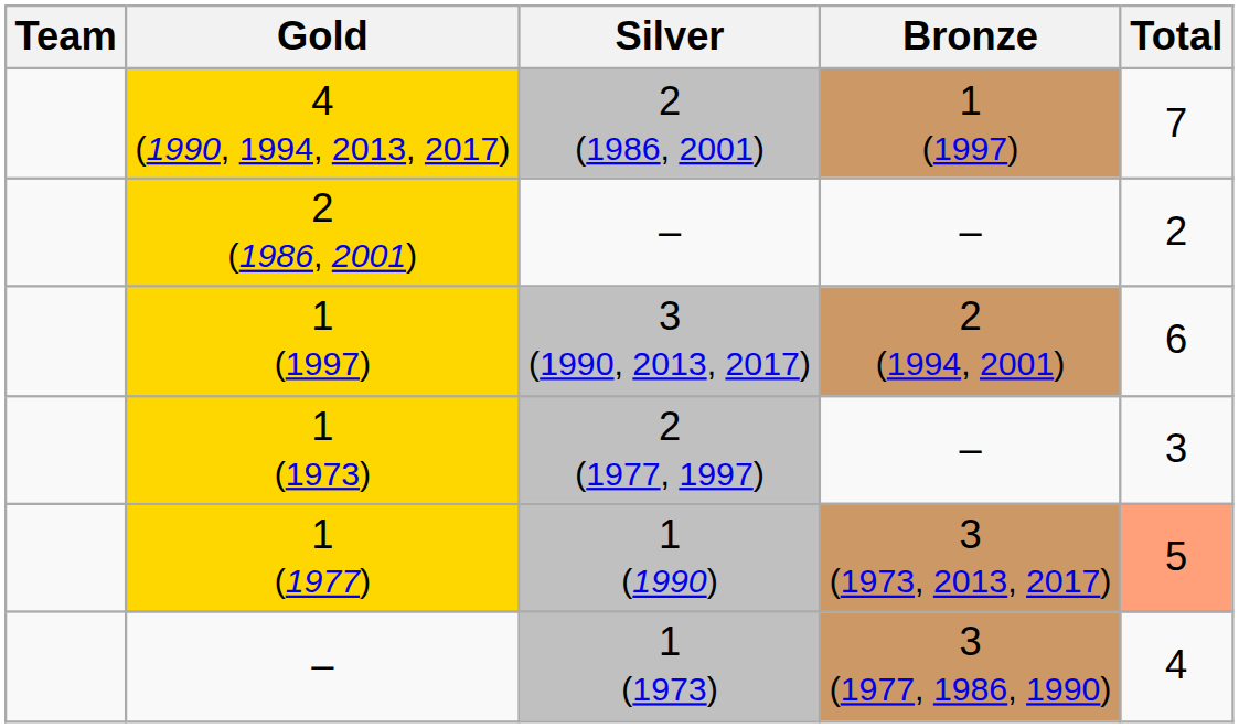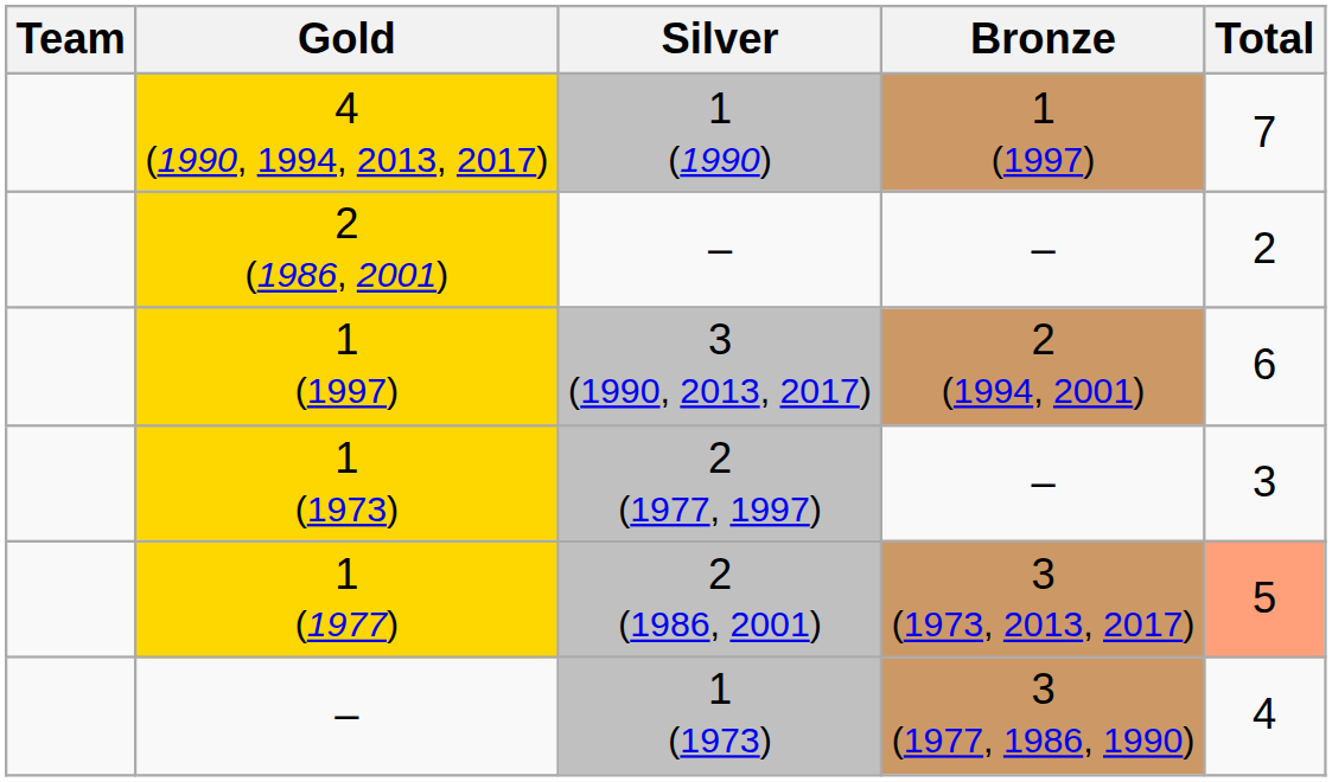 <table class="wikitable" style="text-align: center;">
 <tr>
 <th>Team</th>
 <th>Gold</th>
 <th>Silver</th>
 <th>Bronze</th>
 <th>Total</th>
 </tr>
 <tr>
 <td align=left><strong></strong></td>
 <td style="background:gold">4<br><small>(<em><a href='#'>1990</a></em>, <a href='#'>1994</a>, <a href='#'>2013</a>, <a href='#'>2017</a>)</small></td>
-<td style="background:silver">2<br><small>(<a href='#'>1986</a>, <a href='#'>2001</a>)</small></td>
+<td style="background:silver">1<br><small>(<em><a href='#'>1990</a></em>)</small></td>
 <td style="background:#c96">1<br><small>(<a href='#'>1997</a>)</small></td>
 <td>7</td>
 </tr>
 <tr>
 <td align=left><strong></strong></td>
 <td style="background:gold">2<br><small>(<em><a href='#'>1986</a></em>, <em><a href='#'>2001</a></em>)</small></td>
 <td>–</td>
 <td>–</td>
 <td>2</td>
 </tr>
 <tr>
 <td align=left><strong></strong></td>
 <td style="background:gold">1<br><small>(<a href='#'>1997</a>)</small></td>
 <td style="background:silver">3<br><small>(<a href='#'>1990</a>, <a href='#'>2013</a>, <a href='#'>2017</a>)</small></td>
 <td style="background:#c96">2<br><small>(<a href='#'>1994</a>, <a href='#'>2001</a>)</small></td>
 <td>6</td>
 </tr>
 <tr>
 <td align=left><strong></strong></td>
 <td style=background:gold>1<br><small>(<a href='#'>1973</a>)</small></td>
 <td style="background:silver">2<br><small>(<a href='#'>1977</a>, <a href='#'>1997</a>)</small></td>
 <td>–</td>
 <td>3</td>
 </tr>
 <tr>
 <td align=left><strong></strong></td>
 <td style="background:gold">1<br><small>(<em><a href='#'>1977</a></em>)</small></td>
-<td style="background:silver">1<br><small>(<em><a href='#'>1990</a></em>)</small></td>
+<td style="background:silver">2<br><small>(<a href='#'>1986</a>, <a href='#'>2001</a>)</small></td>
 <td style="background:#c96">3<br><small>(<a href='#'>1973</a>, <a href='#'>2013</a>, <a href='#'>2017</a>)</small></td>
 <td style="background: lightsalmon;">5</td>
 </tr>
 <tr>
 <td align=left></td>
 <td>–</td>
 <td style="background:silver">1<br><small>(<a href='#'>1973</a>)</small></td>
 <td style="background:#c96">3<br><small>(<a href='#'>1977</a>, <a href='#'>1986</a>, <a href='#'>1990</a>)</small></td>
 <td>4</td>
 </tr>
 </table>
